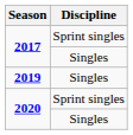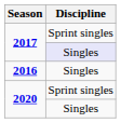 <table class="wikitable">
 <tr>
 <th>Season</th>
 <th>Discipline</th>
 </tr>
 <tr>
 <td rowspan=2 align=center><strong><a href='#'>2017</a></strong></td>
 <td align=center>Sprint singles</td>
 </tr>
 <tr>
-<td align=center>Singles</td>
+<td align=center style="background: lavender;">Singles</td>
 </tr>
 <tr>
-<td align=center><strong><a href='#'>2019</a></strong></td>
+<td align=center><strong><a href='#'>2016</a></strong></td>
 <td align=center>Singles</td>
 </tr>
 <tr>
 <td rowspan=2 align=center><strong><a href='#'>2020</a></strong></td>
 <td align=center>Sprint singles</td>
 </tr>
 <tr>
 <td align=center>Singles</td>
 </tr>
 </table>
